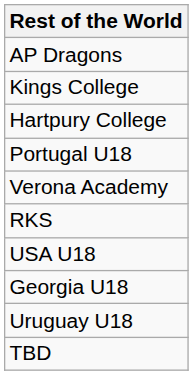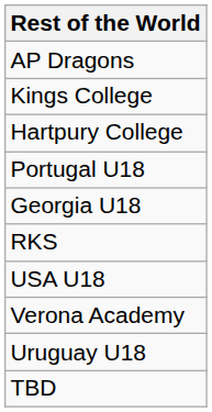 <table class="wikitable">
 <tr>
 <th>Rest of the World </th>
 </tr>
 <tr>
 <td> AP Dragons</td>
 </tr>
 <tr>
 <td> Kings College</td>
 </tr>
 <tr>
 <td> Hartpury College</td>
 </tr>
 <tr>
 <td> Portugal U18</td>
 </tr>
 <tr>
-<td> Verona Academy</td>
+<td> Georgia U18</td>
 </tr>
 <tr>
 <td> RKS</td>
 </tr>
 <tr>
 <td> USA U18</td>
 </tr>
 <tr>
-<td> Georgia U18</td>
+<td> Verona Academy</td>
 </tr>
 <tr>
 <td> Uruguay U18</td>
 </tr>
 <tr>
 <td> TBD</td>
 </tr>
 </table>
